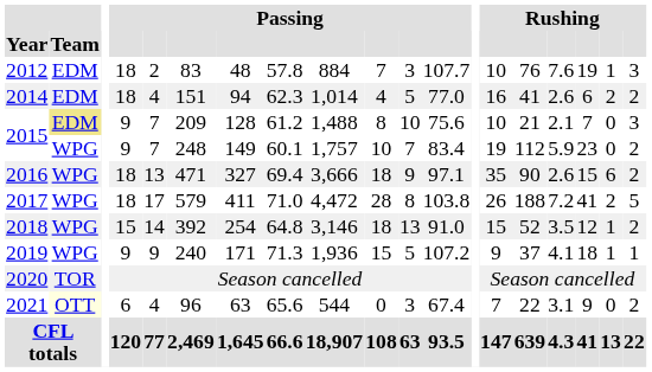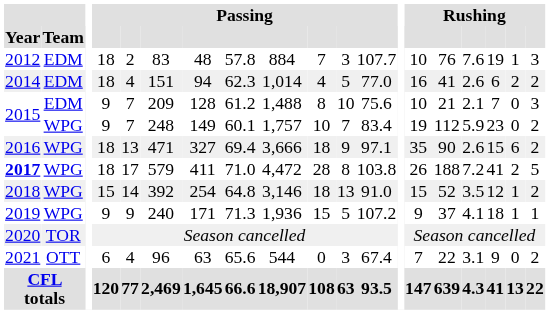 <table BORDER="0" CELLPADDING="1" CELLSPACING="0" width="65%" style="text-align:center">
 <tr bgcolor="#e0e0e0">
 <th colspan="2"></th>
 <th rowspan="99" bgcolor="#ffffff"> </th>
 <th colspan="9">Passing</th>
 <th rowspan="99" bgcolor="#ffffff"> </th>
 <th colspan="6">Rushing</th>
 </tr>
 <tr bgcolor="#e0e0e0">
 <th>Year</th>
 <th>Team</th>
 <th></th>
 <th></th>
 <th></th>
 <th></th>
 <th></th>
 <th></th>
 <th></th>
 <th></th>
 <th></th>
 <th></th>
 <th></th>
 <th></th>
 <th></th>
 <th></th>
 <th></th>
 </tr>
 <tr ALIGN="center">
 <td><a href='#'>2012</a></td>
 <td><a href='#'>EDM</a></td>
 <td>18</td>
 <td>2</td>
 <td>83</td>
 <td>48</td>
 <td>57.8</td>
 <td>884</td>
 <td>7</td>
 <td>3</td>
 <td>107.7</td>
 <td>10</td>
 <td>76</td>
 <td>7.6</td>
 <td>19</td>
 <td>1</td>
 <td>3</td>
 </tr>
 <tr ALIGN="center" bgcolor="#f0f0f0">
 <td><a href='#'>2014</a></td>
 <td><a href='#'>EDM</a></td>
 <td>18</td>
 <td>4</td>
 <td>151</td>
 <td>94</td>
 <td>62.3</td>
 <td>1,014</td>
 <td>4</td>
 <td>5</td>
 <td>77.0</td>
 <td>16</td>
 <td>41</td>
 <td>2.6</td>
 <td>6</td>
 <td>2</td>
 <td>2</td>
 </tr>
 <tr ALIGN="center">
 <td rowspan="2" style="text-align: center;" valign="middle"><a href='#'>2015</a></td>
-<td style="background: khaki;"><a href='#'>EDM</a></td>
+<td><a href='#'>EDM</a></td>
 <td>9</td>
 <td>7</td>
 <td>209</td>
 <td>128</td>
 <td>61.2</td>
 <td>1,488</td>
 <td>8</td>
 <td>10</td>
 <td>75.6</td>
 <td>10</td>
 <td>21</td>
 <td>2.1</td>
 <td>7</td>
 <td>0</td>
 <td>3</td>
 </tr>
 <tr ALIGN="center">
 <td><a href='#'>WPG</a></td>
 <td>9</td>
 <td>7</td>
 <td>248</td>
 <td>149</td>
 <td>60.1</td>
 <td>1,757</td>
 <td>10</td>
 <td>7</td>
 <td>83.4</td>
 <td>19</td>
 <td>112</td>
 <td>5.9</td>
 <td>23</td>
 <td>0</td>
 <td>2</td>
 </tr>
 <tr ALIGN="center" bgcolor="#f0f0f0">
 <td><a href='#'>2016</a></td>
 <td><a href='#'>WPG</a></td>
 <td>18</td>
 <td>13</td>
 <td>471</td>
 <td>327</td>
 <td>69.4</td>
 <td>3,666</td>
 <td>18</td>
 <td>9</td>
 <td>97.1</td>
 <td>35</td>
 <td>90</td>
 <td>2.6</td>
 <td>15</td>
 <td>6</td>
 <td>2</td>
 </tr>
 <tr ALIGN="center">
-<td><a href='#'>2017</a></td>
+<td><strong><a href='#'>2017</a></strong></td>
 <td><a href='#'>WPG</a></td>
 <td>18</td>
 <td>17</td>
 <td>579</td>
 <td>411</td>
 <td>71.0</td>
 <td>4,472</td>
 <td>28</td>
 <td>8</td>
 <td>103.8</td>
 <td>26</td>
 <td>188</td>
 <td>7.2</td>
 <td>41</td>
 <td>2</td>
 <td>5</td>
 </tr>
 <tr ALIGN="center" bgcolor="#f0f0f0">
 <td><a href='#'>2018</a></td>
 <td><a href='#'>WPG</a></td>
 <td>15</td>
 <td>14</td>
 <td>392</td>
 <td>254</td>
 <td>64.8</td>
 <td>3,146</td>
 <td>18</td>
 <td>13</td>
 <td>91.0</td>
 <td>15</td>
 <td>52</td>
 <td>3.5</td>
 <td>12</td>
 <td>1</td>
 <td>2</td>
 </tr>
 <tr ALIGN="center">
 <td><a href='#'>2019</a></td>
 <td><a href='#'>WPG</a></td>
 <td>9</td>
 <td>9</td>
 <td>240</td>
 <td>171</td>
 <td>71.3</td>
 <td>1,936</td>
 <td>15</td>
 <td>5</td>
 <td>107.2</td>
 <td>9</td>
 <td>37</td>
 <td>4.1</td>
 <td>18</td>
 <td>1</td>
 <td>1</td>
 </tr>
 <tr ALIGN="center" bgcolor="#f0f0f0">
 <td><a href='#'>2020</a></td>
 <td><a href='#'>TOR</a></td>
 <td colspan="9"><em>Season cancelled</em></td>
 <td colspan="6"><em>Season cancelled</em></td>
 </tr>
 <tr ALIGN="center">
 <td><a href='#'>2021</a></td>
-<td style="background: lightyellow;"><a href='#'>OTT</a></td>
+<td><a href='#'>OTT</a></td>
 <td>6</td>
 <td>4</td>
 <td>96</td>
 <td>63</td>
 <td>65.6</td>
 <td>544</td>
 <td>0</td>
 <td>3</td>
 <td>67.4</td>
 <td>7</td>
 <td>22</td>
 <td>3.1</td>
 <td>9</td>
 <td>0</td>
 <td>2</td>
 </tr>
 <tr bgcolor="#e0e0e0">
 <th colspan="2"><a href='#'>CFL</a> totals</th>
 <th>120</th>
 <th>77</th>
 <th>2,469</th>
 <th>1,645</th>
 <th>66.6</th>
 <th>18,907</th>
 <th>108</th>
 <th>63</th>
 <th>93.5</th>
 <th>147</th>
 <th>639</th>
 <th>4.3</th>
 <th>41</th>
 <th>13</th>
 <th>22</th>
 </tr>
 </table>
